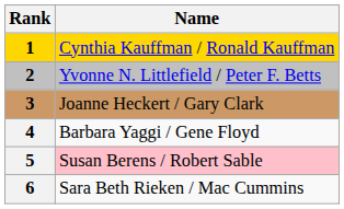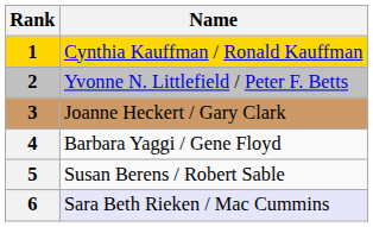 <table class="wikitable">
 <tr>
 <th>Rank</th>
 <th>Name</th>
 </tr>
 <tr bgcolor="gold">
 <td align="center"><strong>1</strong></td>
 <td><a href='#'>Cynthia Kauffman</a> / <a href='#'>Ronald Kauffman</a></td>
 </tr>
 <tr bgcolor="silver">
 <td align="center"><strong>2</strong></td>
 <td><a href='#'>Yvonne N. Littlefield</a> / <a href='#'>Peter F. Betts</a></td>
 </tr>
 <tr bgcolor="cc9966">
 <td align="center"><strong>3</strong></td>
 <td>Joanne Heckert / Gary Clark</td>
 </tr>
 <tr>
 <th>4</th>
 <td>Barbara Yaggi / Gene Floyd</td>
 </tr>
 <tr>
 <th>5</th>
-<td style="background: pink;">Susan Berens / Robert Sable</td>
+<td>Susan Berens / Robert Sable</td>
 </tr>
 <tr>
 <th>6</th>
-<td>Sara Beth Rieken / Mac Cummins</td>
+<td style="background: lavender;">Sara Beth Rieken / Mac Cummins</td>
 </tr>
 </table>
